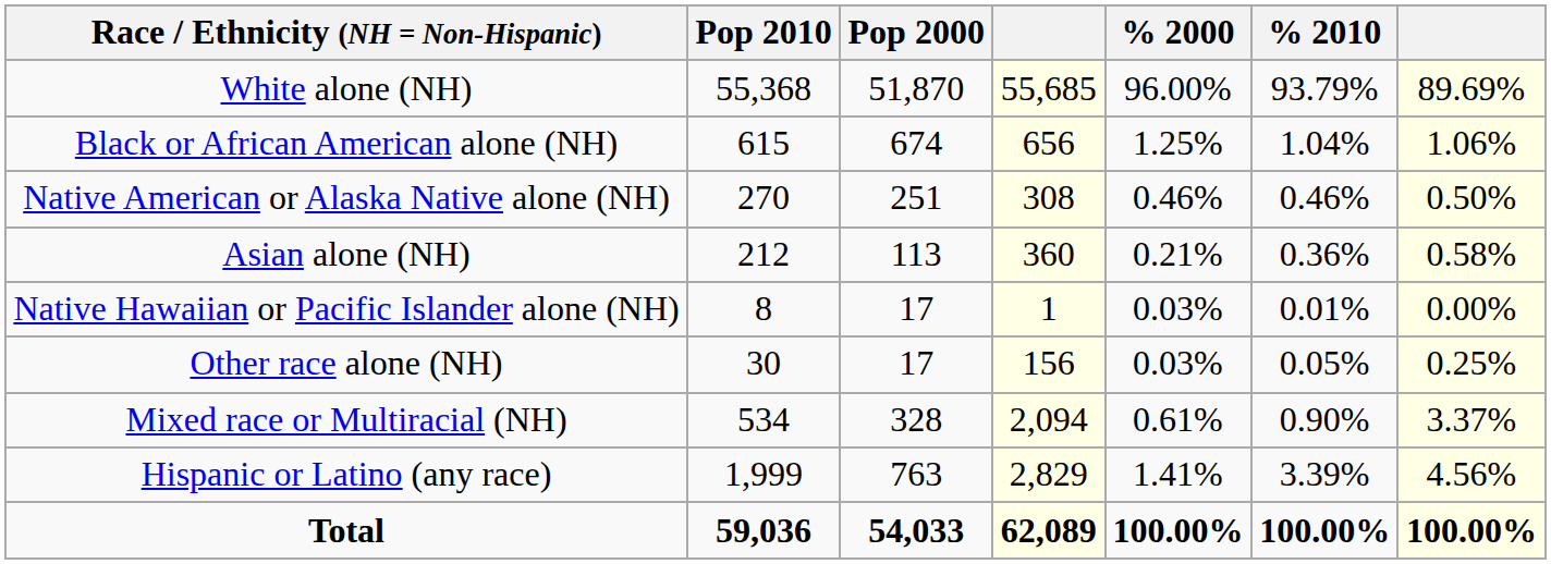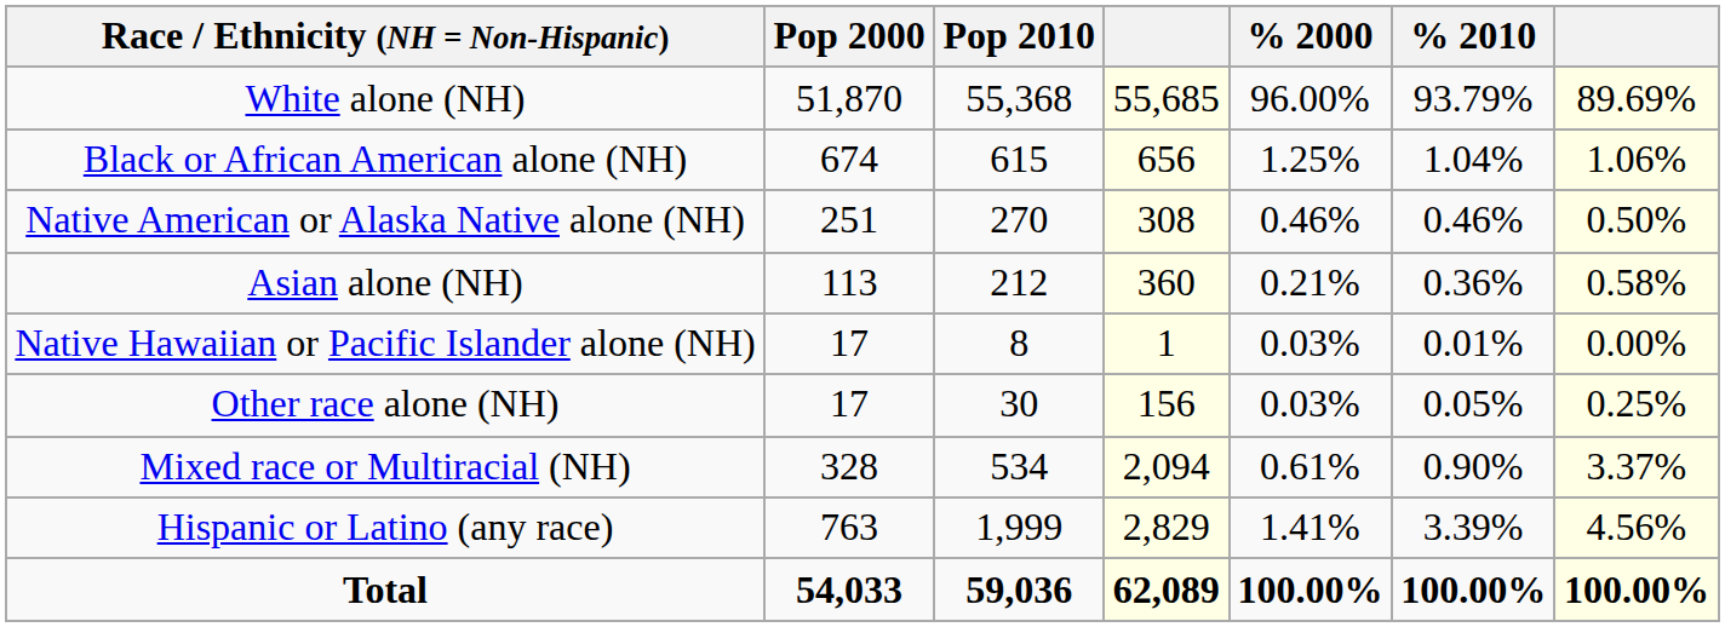 <table class="wikitable" style="text-align:center;">
 <tr>
 <th>Race / Ethnicity <small>(<em>NH = Non-Hispanic</em>)</small></th>
+<th>Pop 2000</th>
 <th>Pop 2010</th>
-<th>Pop 2000</th>
 <th></th>
 <th>% 2000</th>
 <th>% 2010</th>
 <th></th>
 </tr>
 <tr>
 <td><a href='#'>White</a> alone (NH)</td>
+<td>51,870</td>
 <td>55,368</td>
-<td>51,870</td>
 <td style='background: #ffffe6;'>55,685</td>
 <td>96.00%</td>
 <td>93.79%</td>
 <td style='background: #ffffe6;'>89.69%</td>
 </tr>
 <tr>
 <td><a href='#'>Black or African American</a> alone (NH)</td>
+<td>674</td>
 <td>615</td>
-<td>674</td>
 <td style='background: #ffffe6;'>656</td>
 <td>1.25%</td>
 <td>1.04%</td>
 <td style='background: #ffffe6;'>1.06%</td>
 </tr>
 <tr>
 <td><a href='#'>Native American</a> or <a href='#'>Alaska Native</a> alone (NH)</td>
+<td>251</td>
 <td>270</td>
-<td>251</td>
 <td style='background: #ffffe6;'>308</td>
 <td>0.46%</td>
 <td>0.46%</td>
 <td style='background: #ffffe6;'>0.50%</td>
 </tr>
 <tr>
 <td><a href='#'>Asian</a> alone (NH)</td>
+<td>113</td>
 <td>212</td>
-<td>113</td>
 <td style='background: #ffffe6;'>360</td>
 <td>0.21%</td>
 <td>0.36%</td>
 <td style='background: #ffffe6;'>0.58%</td>
 </tr>
 <tr>
 <td><a href='#'>Native Hawaiian</a> or <a href='#'>Pacific Islander</a> alone (NH)</td>
+<td>17</td>
 <td>8</td>
-<td>17</td>
 <td style='background: #ffffe6;'>1</td>
 <td>0.03%</td>
 <td>0.01%</td>
 <td style='background: #ffffe6;'>0.00%</td>
 </tr>
 <tr>
 <td><a href='#'>Other race</a> alone (NH)</td>
+<td>17</td>
 <td>30</td>
-<td>17</td>
 <td style='background: #ffffe6;'>156</td>
 <td>0.03%</td>
 <td>0.05%</td>
 <td style='background: #ffffe6;'>0.25%</td>
 </tr>
 <tr>
 <td><a href='#'>Mixed race or Multiracial</a> (NH)</td>
+<td>328</td>
 <td>534</td>
-<td>328</td>
 <td style='background: #ffffe6;'>2,094</td>
 <td>0.61%</td>
 <td>0.90%</td>
 <td style='background: #ffffe6;'>3.37%</td>
 </tr>
 <tr>
 <td><a href='#'>Hispanic or Latino</a> (any race)</td>
+<td>763</td>
 <td>1,999</td>
-<td>763</td>
 <td style='background: #ffffe6;'>2,829</td>
 <td>1.41%</td>
 <td>3.39%</td>
 <td style='background: #ffffe6;'>4.56%</td>
 </tr>
 <tr>
 <td><strong>Total</strong></td>
+<td><strong>54,033</strong></td>
 <td><strong>59,036</strong></td>
-<td><strong>54,033</strong></td>
 <td style='background: #ffffe6;'><strong>62,089</strong></td>
 <td><strong>100.00%</strong></td>
 <td><strong>100.00%</strong></td>
 <td style='background: #ffffe6;'><strong>100.00%</strong></td>
 </tr>
 </table>
